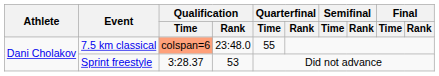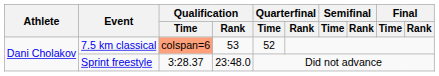 <table class="wikitable" style="font-size:90%">
 <tr>
 <th rowspan="2">Athlete</th>
 <th rowspan="2">Event</th>
 <th colspan="2">Qualification</th>
 <th colspan="2">Quarterfinal</th>
 <th colspan="2">Semifinal</th>
 <th colspan="2">Final</th>
 </tr>
 <tr style="font-size:95%">
 <th>Time</th>
 <th>Rank</th>
 <th>Time</th>
 <th>Rank</th>
 <th>Time</th>
 <th>Rank</th>
 <th>Time</th>
 <th>Rank</th>
 </tr>
 <tr align=center>
 <td rowspan=2><a href='#'>Dani Cholakov</a></td>
 <td><a href='#'>7.5 km classical</a></td>
 <td style="background: lightsalmon;">colspan=6</td>
-<td>23:48.0</td>
-<td>55</td>
+<td>53</td>
+<td>52</td>
 </tr>
 <tr align=center>
 <td align=left><a href='#'>Sprint freestyle</a></td>
 <td>3:28.37</td>
-<td>53</td>
+<td>23:48.0</td>
 <td colspan=6>Did not advance</td>
 </tr>
 </table>
